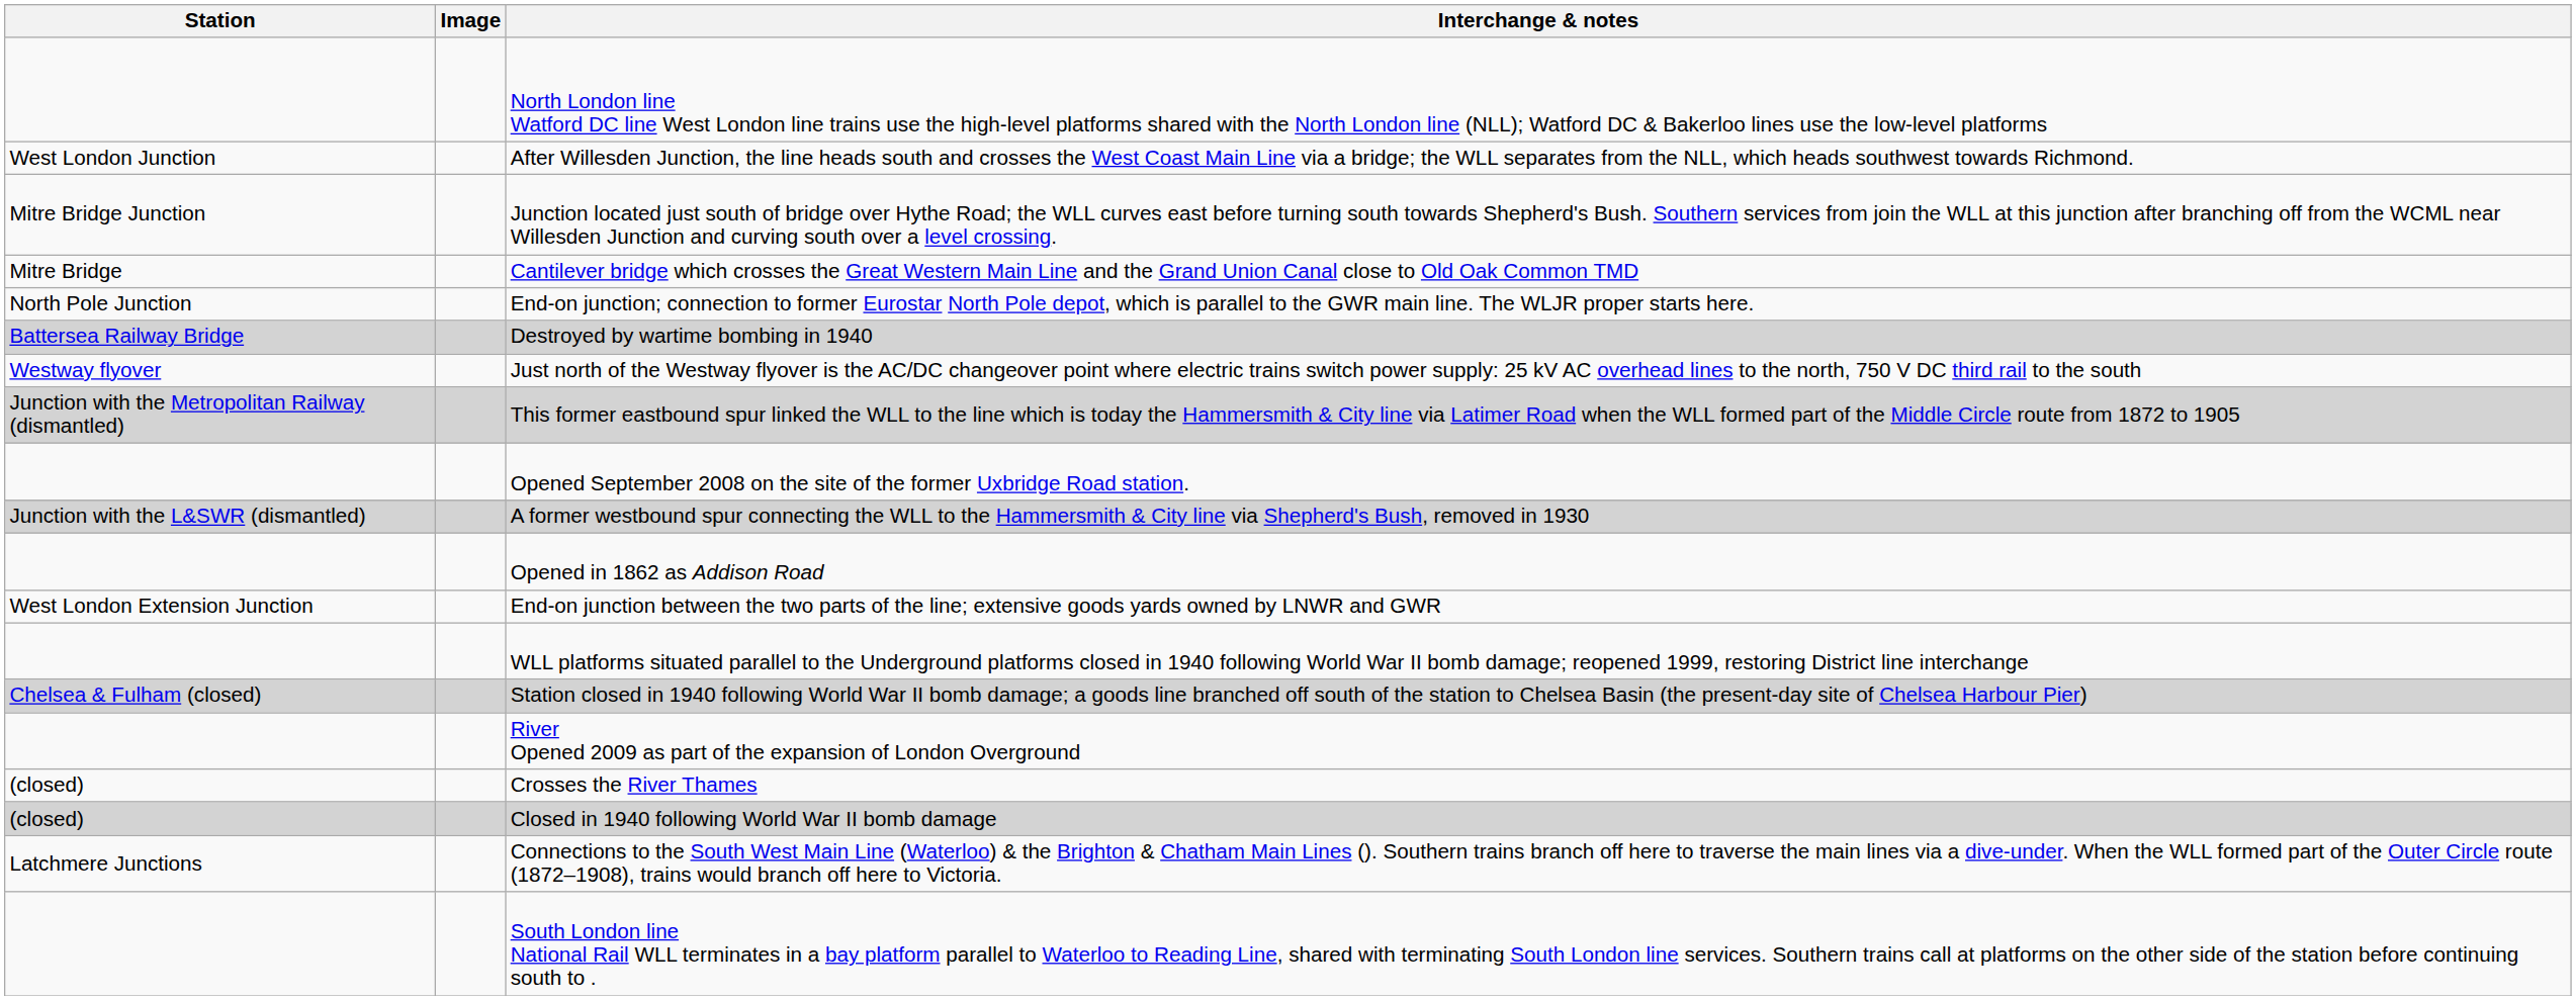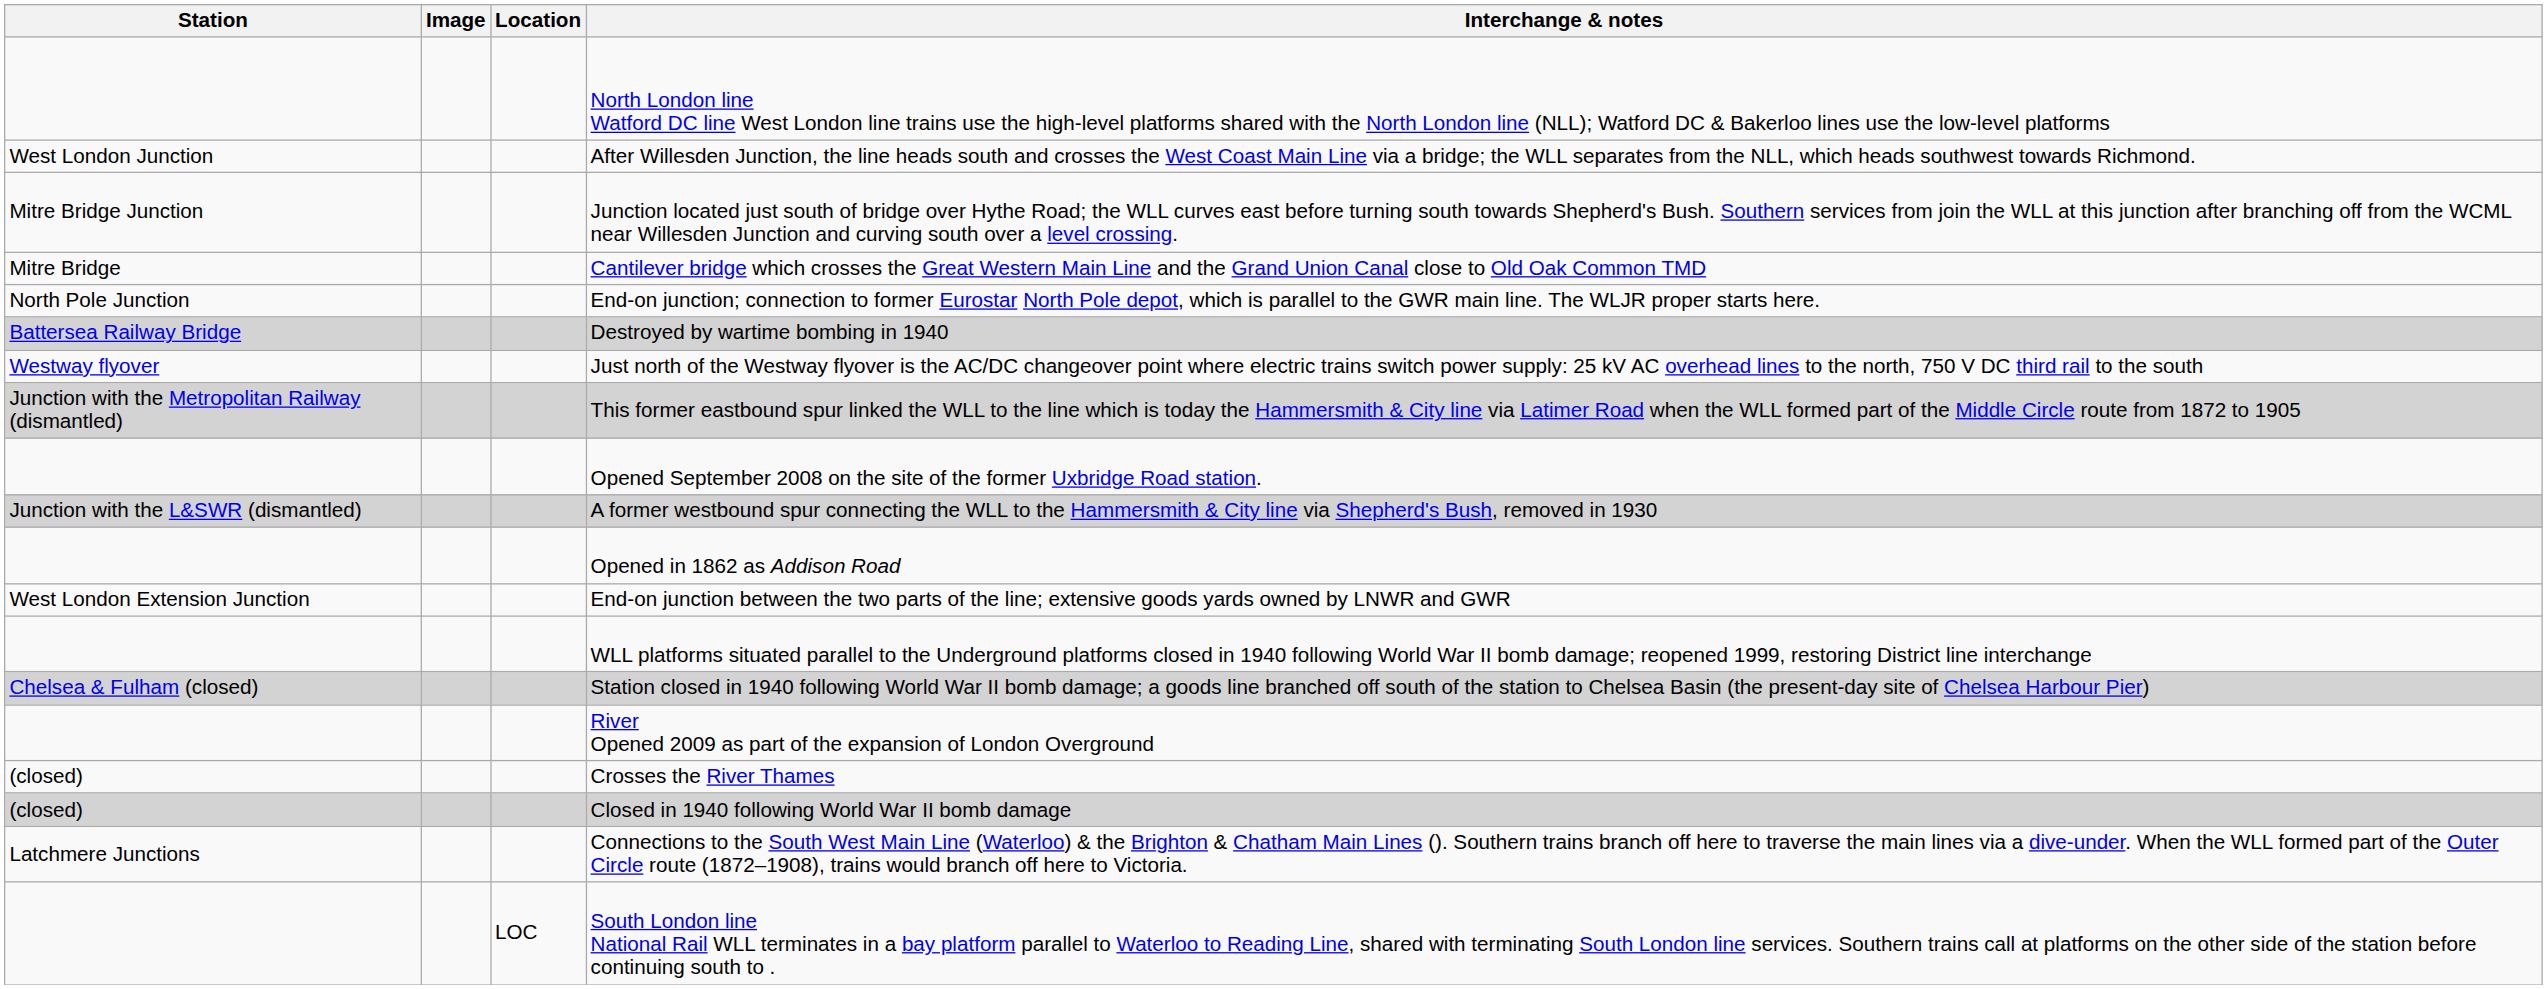 <table class="wikitable">
 <tr>
 <th>Station</th>
 <th>Image</th>
+<th>Location</th>
 <th>Interchange & notes</th>
 </tr>
 <tr>
 <td><br></td>
+<td></td>
 <td></td>
 <td><br> <br> <a href='#'>North London line</a><br> <a href='#'>Watford DC line</a> West London line trains use the high-level platforms shared with the <a href='#'>North London line</a> (NLL); Watford DC & Bakerloo lines use the low-level platforms</td>
 </tr>
 <tr>
 <td style="white-space:nowrap">West London Junction</td>
 <td></td>
+<td></td>
 <td>After Willesden Junction, the line heads south and crosses the <a href='#'>West Coast Main Line</a> via a bridge; the WLL separates from the NLL, which heads southwest towards Richmond.</td>
 </tr>
 <tr>
 <td>Mitre Bridge Junction</td>
+<td></td>
 <td></td>
 <td><br>Junction located just south of bridge over Hythe Road; the WLL curves east before turning south towards Shepherd's Bush. <a href='#'>Southern</a> services from  join the WLL at this junction after branching off from the WCML near Willesden Junction and curving south over a <a href='#'>level crossing</a>.</td>
 </tr>
 <tr>
 <td>Mitre Bridge</td>
 <td></td>
+<td></td>
 <td><a href='#'>Cantilever bridge</a> which crosses the <a href='#'>Great Western Main Line</a> and the <a href='#'>Grand Union Canal</a> close to <a href='#'>Old Oak Common TMD</a></td>
 </tr>
 <tr>
 <td>North Pole Junction</td>
+<td></td>
 <td></td>
 <td>End-on junction; connection to former <a href='#'>Eurostar</a> <a href='#'>North Pole depot</a>, which is parallel to the GWR main line. The WLJR proper starts here.</td>
 </tr>
 <tr style="background:lightgray">
 <td><a href='#'>Battersea Railway Bridge</a></td>
 <td></td>
+<td></td>
 <td>Destroyed by wartime bombing in 1940</td>
 </tr>
 <tr>
 <td><a href='#'>Westway flyover</a></td>
+<td></td>
 <td></td>
 <td>Just north of the Westway flyover is the AC/DC changeover point where electric trains switch power supply: 25 kV AC <a href='#'>overhead lines</a> to the north, 750 V DC <a href='#'>third rail</a> to the south</td>
 </tr>
 <tr style="background:lightgray">
 <td>Junction with the <a href='#'>Metropolitan Railway</a> (dismantled)</td>
 <td></td>
+<td></td>
 <td>This former eastbound spur linked the WLL to the line which is today the <a href='#'>Hammersmith & City line</a> via <a href='#'>Latimer Road</a> when the WLL formed part of the <a href='#'>Middle Circle</a> route from 1872 to 1905</td>
 </tr>
 <tr>
+<td></td>
 <td></td>
 <td></td>
 <td> <br>Opened September 2008 on the site of the former <a href='#'>Uxbridge Road station</a>.</td>
 </tr>
 <tr style="background:lightgray">
 <td>Junction with the <a href='#'>L&SWR</a> (dismantled)</td>
 <td></td>
+<td></td>
 <td>A former westbound spur connecting the WLL to the <a href='#'>Hammersmith & City line</a> via <a href='#'>Shepherd's Bush</a>, removed in 1930</td>
 </tr>
 <tr>
+<td></td>
 <td></td>
 <td></td>
 <td> <br>Opened in 1862 as <em>Addison Road</em></td>
 </tr>
 <tr>
 <td>West London Extension Junction</td>
 <td></td>
+<td></td>
 <td>End-on junction between the two parts of the line; extensive goods yards owned by LNWR and GWR</td>
 </tr>
 <tr>
+<td></td>
 <td></td>
 <td></td>
 <td> <br>WLL platforms situated parallel to the Underground platforms closed in 1940 following World War II bomb damage; reopened 1999, restoring District line interchange</td>
 </tr>
 <tr style="background:lightgray">
 <td><a href='#'>Chelsea & Fulham</a> (closed)</td>
 <td></td>
+<td></td>
 <td>Station closed in 1940 following World War II bomb damage; a goods line branched off south of the station to Chelsea Basin (the present-day site of <a href='#'>Chelsea Harbour Pier</a>)</td>
 </tr>
 <tr>
+<td></td>
 <td></td>
 <td></td>
 <td> <a href='#'>River</a><br>Opened 2009 as part of the expansion of London Overground</td>
 </tr>
 <tr>
 <td> (closed)</td>
 <td></td>
+<td></td>
 <td>Crosses the <a href='#'>River Thames</a></td>
 </tr>
 <tr style="background:lightgray">
 <td> (closed)</td>
+<td></td>
 <td></td>
 <td>Closed in 1940 following World War II bomb damage</td>
 </tr>
 <tr>
 <td>Latchmere Junctions</td>
 <td></td>
+<td></td>
 <td>Connections to the <a href='#'>South West Main Line</a> (<a href='#'>Waterloo</a>) & the <a href='#'>Brighton</a> & <a href='#'>Chatham Main Lines</a> (). Southern trains branch off here to traverse the main lines via a <a href='#'>dive-under</a>. When the WLL formed part of the <a href='#'>Outer Circle</a> route (1872–1908), trains would branch off here to Victoria.</td>
 </tr>
 <tr>
 <td></td>
 <td></td>
+<td>LOC</td>
 <td><br> <a href='#'>South London line</a><br>  <a href='#'>National Rail</a>  WLL terminates in a <a href='#'>bay platform</a> parallel to <a href='#'>Waterloo to Reading Line</a>, shared with terminating <a href='#'>South London line</a> services. Southern trains call at platforms on the other side of the station before continuing south to .</td>
 </tr>
 </table>
